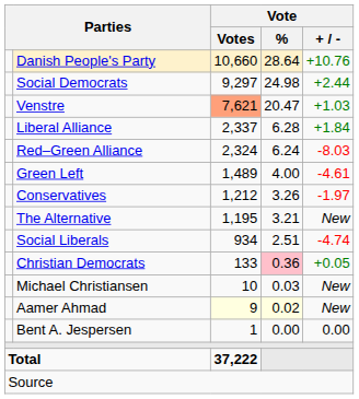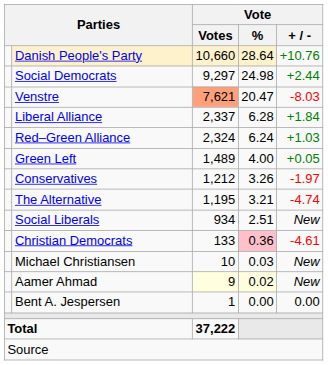 <table class="wikitable" style="text-align:right;">
 <tr>
 <th style="text-align:centre;" rowspan="2" colspan="2" width="225">Parties</th>
 <th colspan="3">Vote</th>
 </tr>
 <tr>
 <th width="15">Votes</th>
 <th width="15">%</th>
 <th width="15">+ / -</th>
 </tr>
 <tr>
 <td width="2" style="color:inherit;background:"></td>
 <td bgcolor=#fef2cc  align="left"><a href='#'>Danish People's Party</a></td>
 <td bgcolor=#fef2cc>10,660</td>
 <td bgcolor=#fef2cc>28.64</td>
 <td style=color:green;>+10.76</td>
 </tr>
 <tr>
 <td width="2" style="color:inherit;background:"></td>
 <td align="left"><a href='#'>Social Democrats</a></td>
 <td>9,297</td>
 <td>24.98</td>
 <td style=color:green;>+2.44</td>
 </tr>
 <tr>
 <td width="2" style="color:inherit;background:"></td>
 <td align="left"><a href='#'>Venstre</a></td>
 <td style="background: lightsalmon;">7,621</td>
 <td>20.47</td>
-<td style=color:green;>+1.03</td>
+<td style=color:red;>-8.03</td>
 </tr>
 <tr>
 <td width="2" style="color:inherit;background:"></td>
 <td align="left"><a href='#'>Liberal Alliance</a></td>
 <td>2,337</td>
 <td>6.28</td>
 <td style=color:green;>+1.84</td>
 </tr>
 <tr>
 <td width="2" style="color:inherit;background:"></td>
 <td align="left"><a href='#'>Red–Green Alliance</a></td>
 <td>2,324</td>
 <td>6.24</td>
-<td style=color:red;>-8.03</td>
+<td style=color:green;>+1.03</td>
 </tr>
 <tr>
 <td width="2" style="color:inherit;background:"></td>
 <td align="left"><a href='#'>Green Left</a></td>
 <td>1,489</td>
 <td>4.00</td>
-<td style=color:red;>-4.61</td>
+<td style=color:green;>+0.05</td>
 </tr>
 <tr>
 <td width="2" style="color:inherit;background:"></td>
 <td align="left"><a href='#'>Conservatives</a></td>
 <td>1,212</td>
 <td>3.26</td>
 <td style=color:red;>-1.97</td>
 </tr>
 <tr>
 <td width="2" style="color:inherit;background:"></td>
 <td align="left"><a href='#'>The Alternative</a></td>
 <td>1,195</td>
 <td>3.21</td>
-<td><em>New</em></td>
+<td style=color:red;>-4.74</td>
 </tr>
 <tr>
 <td width="2" style="color:inherit;background:"></td>
 <td align="left"><a href='#'>Social Liberals</a></td>
 <td>934</td>
 <td>2.51</td>
-<td style=color:red;>-4.74</td>
+<td><em>New</em></td>
 </tr>
 <tr>
 <td width="2" style="color:inherit;background:"></td>
 <td align="left"><a href='#'>Christian Democrats</a></td>
 <td>133</td>
 <td style="background: pink;">0.36</td>
-<td style=color:green;>+0.05</td>
+<td style=color:red;>-4.61</td>
 </tr>
 <tr>
 <td width="2" style="color:inherit;background:"></td>
 <td align="left">Michael Christiansen</td>
 <td>10</td>
 <td>0.03</td>
 <td><em>New</em></td>
 </tr>
 <tr>
 <td width="2" style="color:inherit;background:"></td>
 <td align="left">Aamer Ahmad</td>
 <td style="background: lightyellow;">9</td>
 <td style="background: lightyellow;">0.02</td>
 <td><em>New</em></td>
 </tr>
 <tr>
 <td width="2" style="color:inherit;background:"></td>
 <td align="left">Bent A. Jespersen</td>
 <td>1</td>
 <td>0.00</td>
 <td>0.00</td>
 </tr>
 <tr>
 <td colspan="7" bgcolor="#E9E9E9"></td>
 </tr>
 <tr>
 <td align="left" colspan="2"><strong>Total</strong></td>
 <td><strong>37,222</strong></td>
 <td bgcolor="#E9E9E9" colspan="2"></td>
 </tr>
 <tr>
 <td align="left" colspan="6">Source</td>
 </tr>
 </table>
